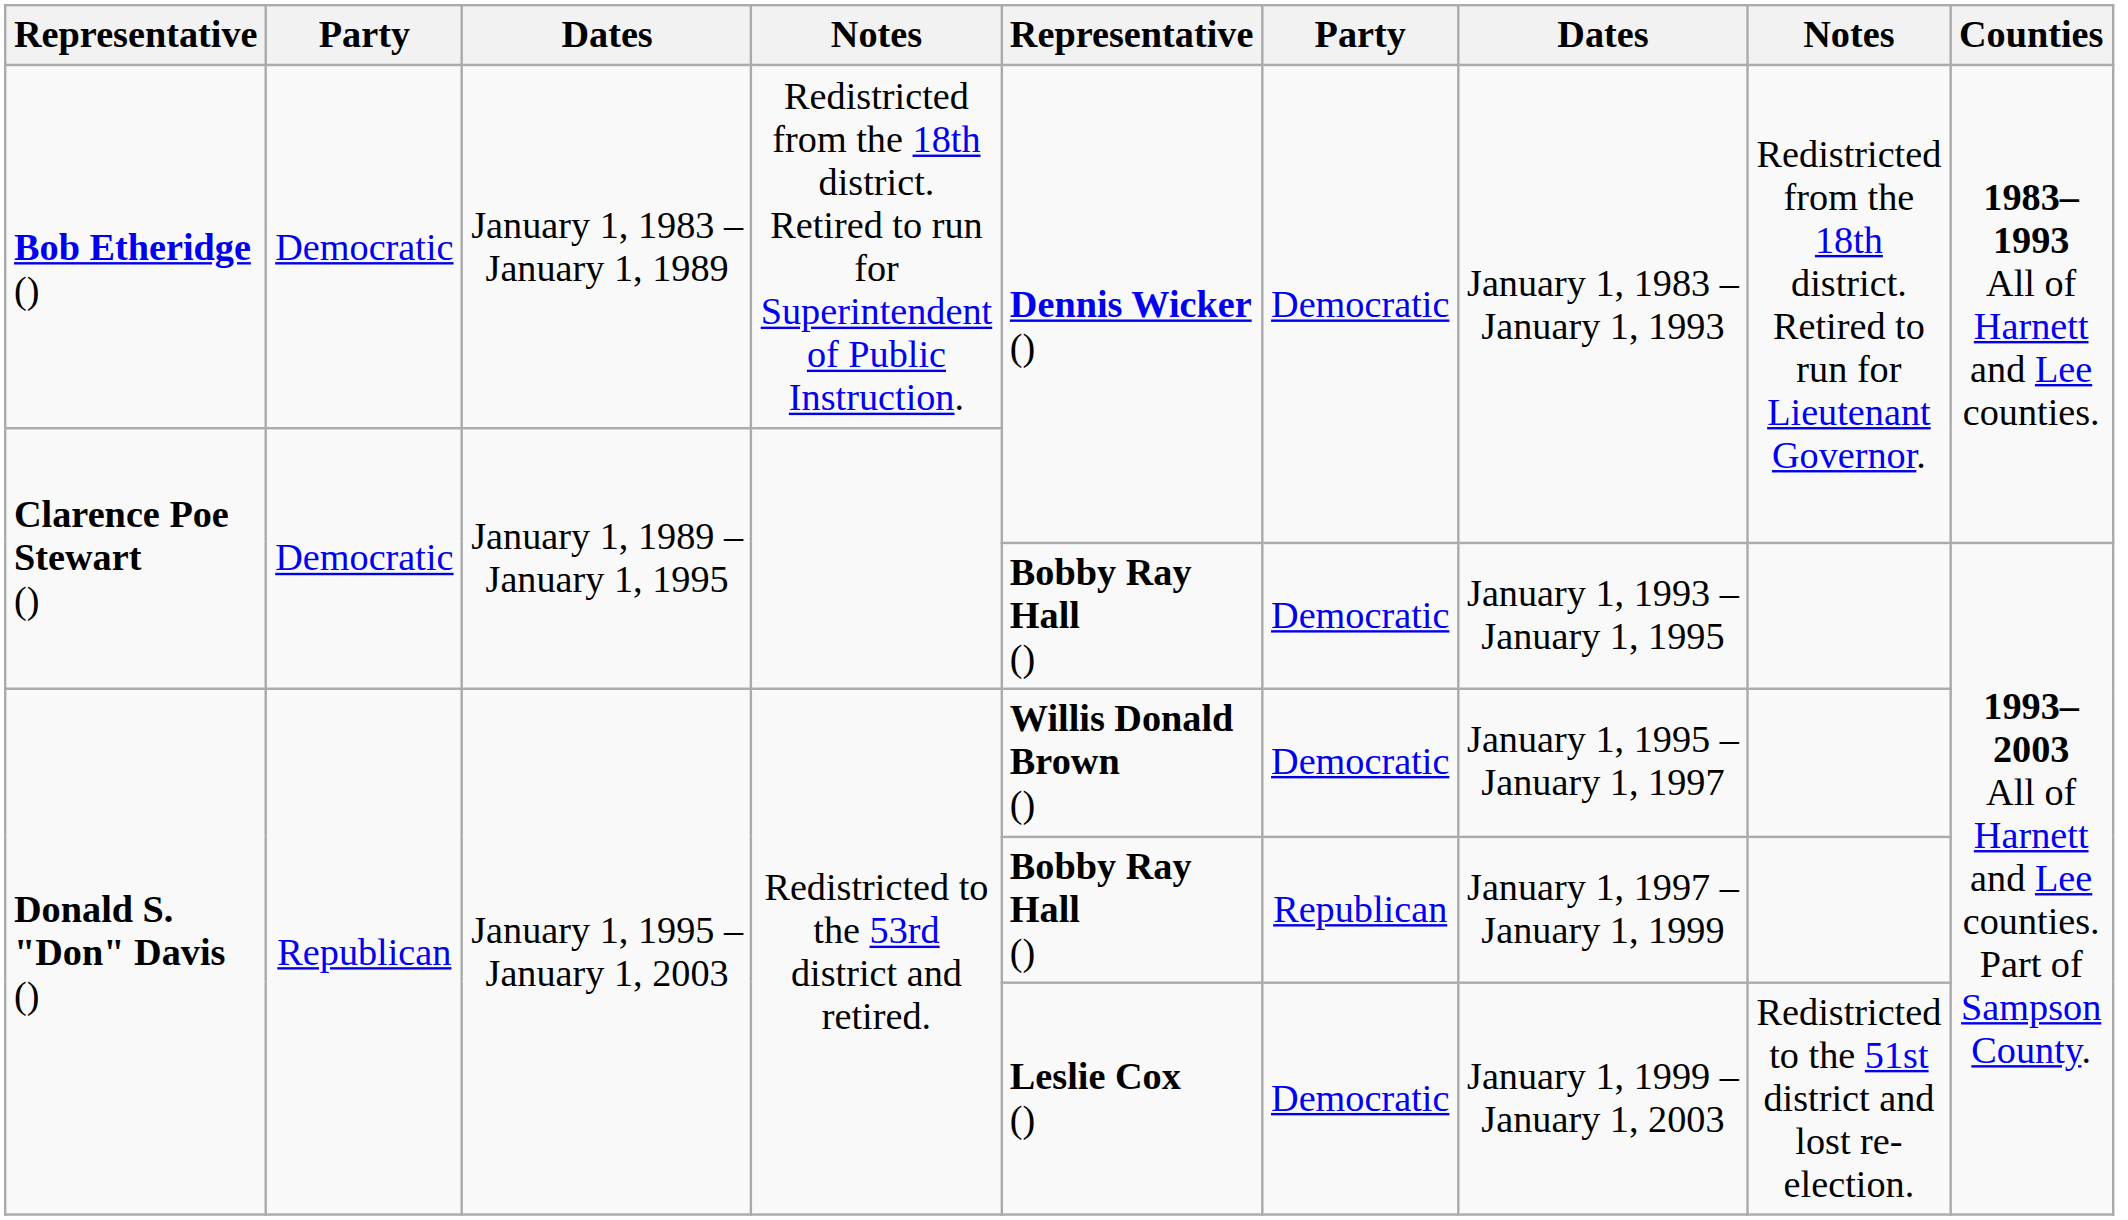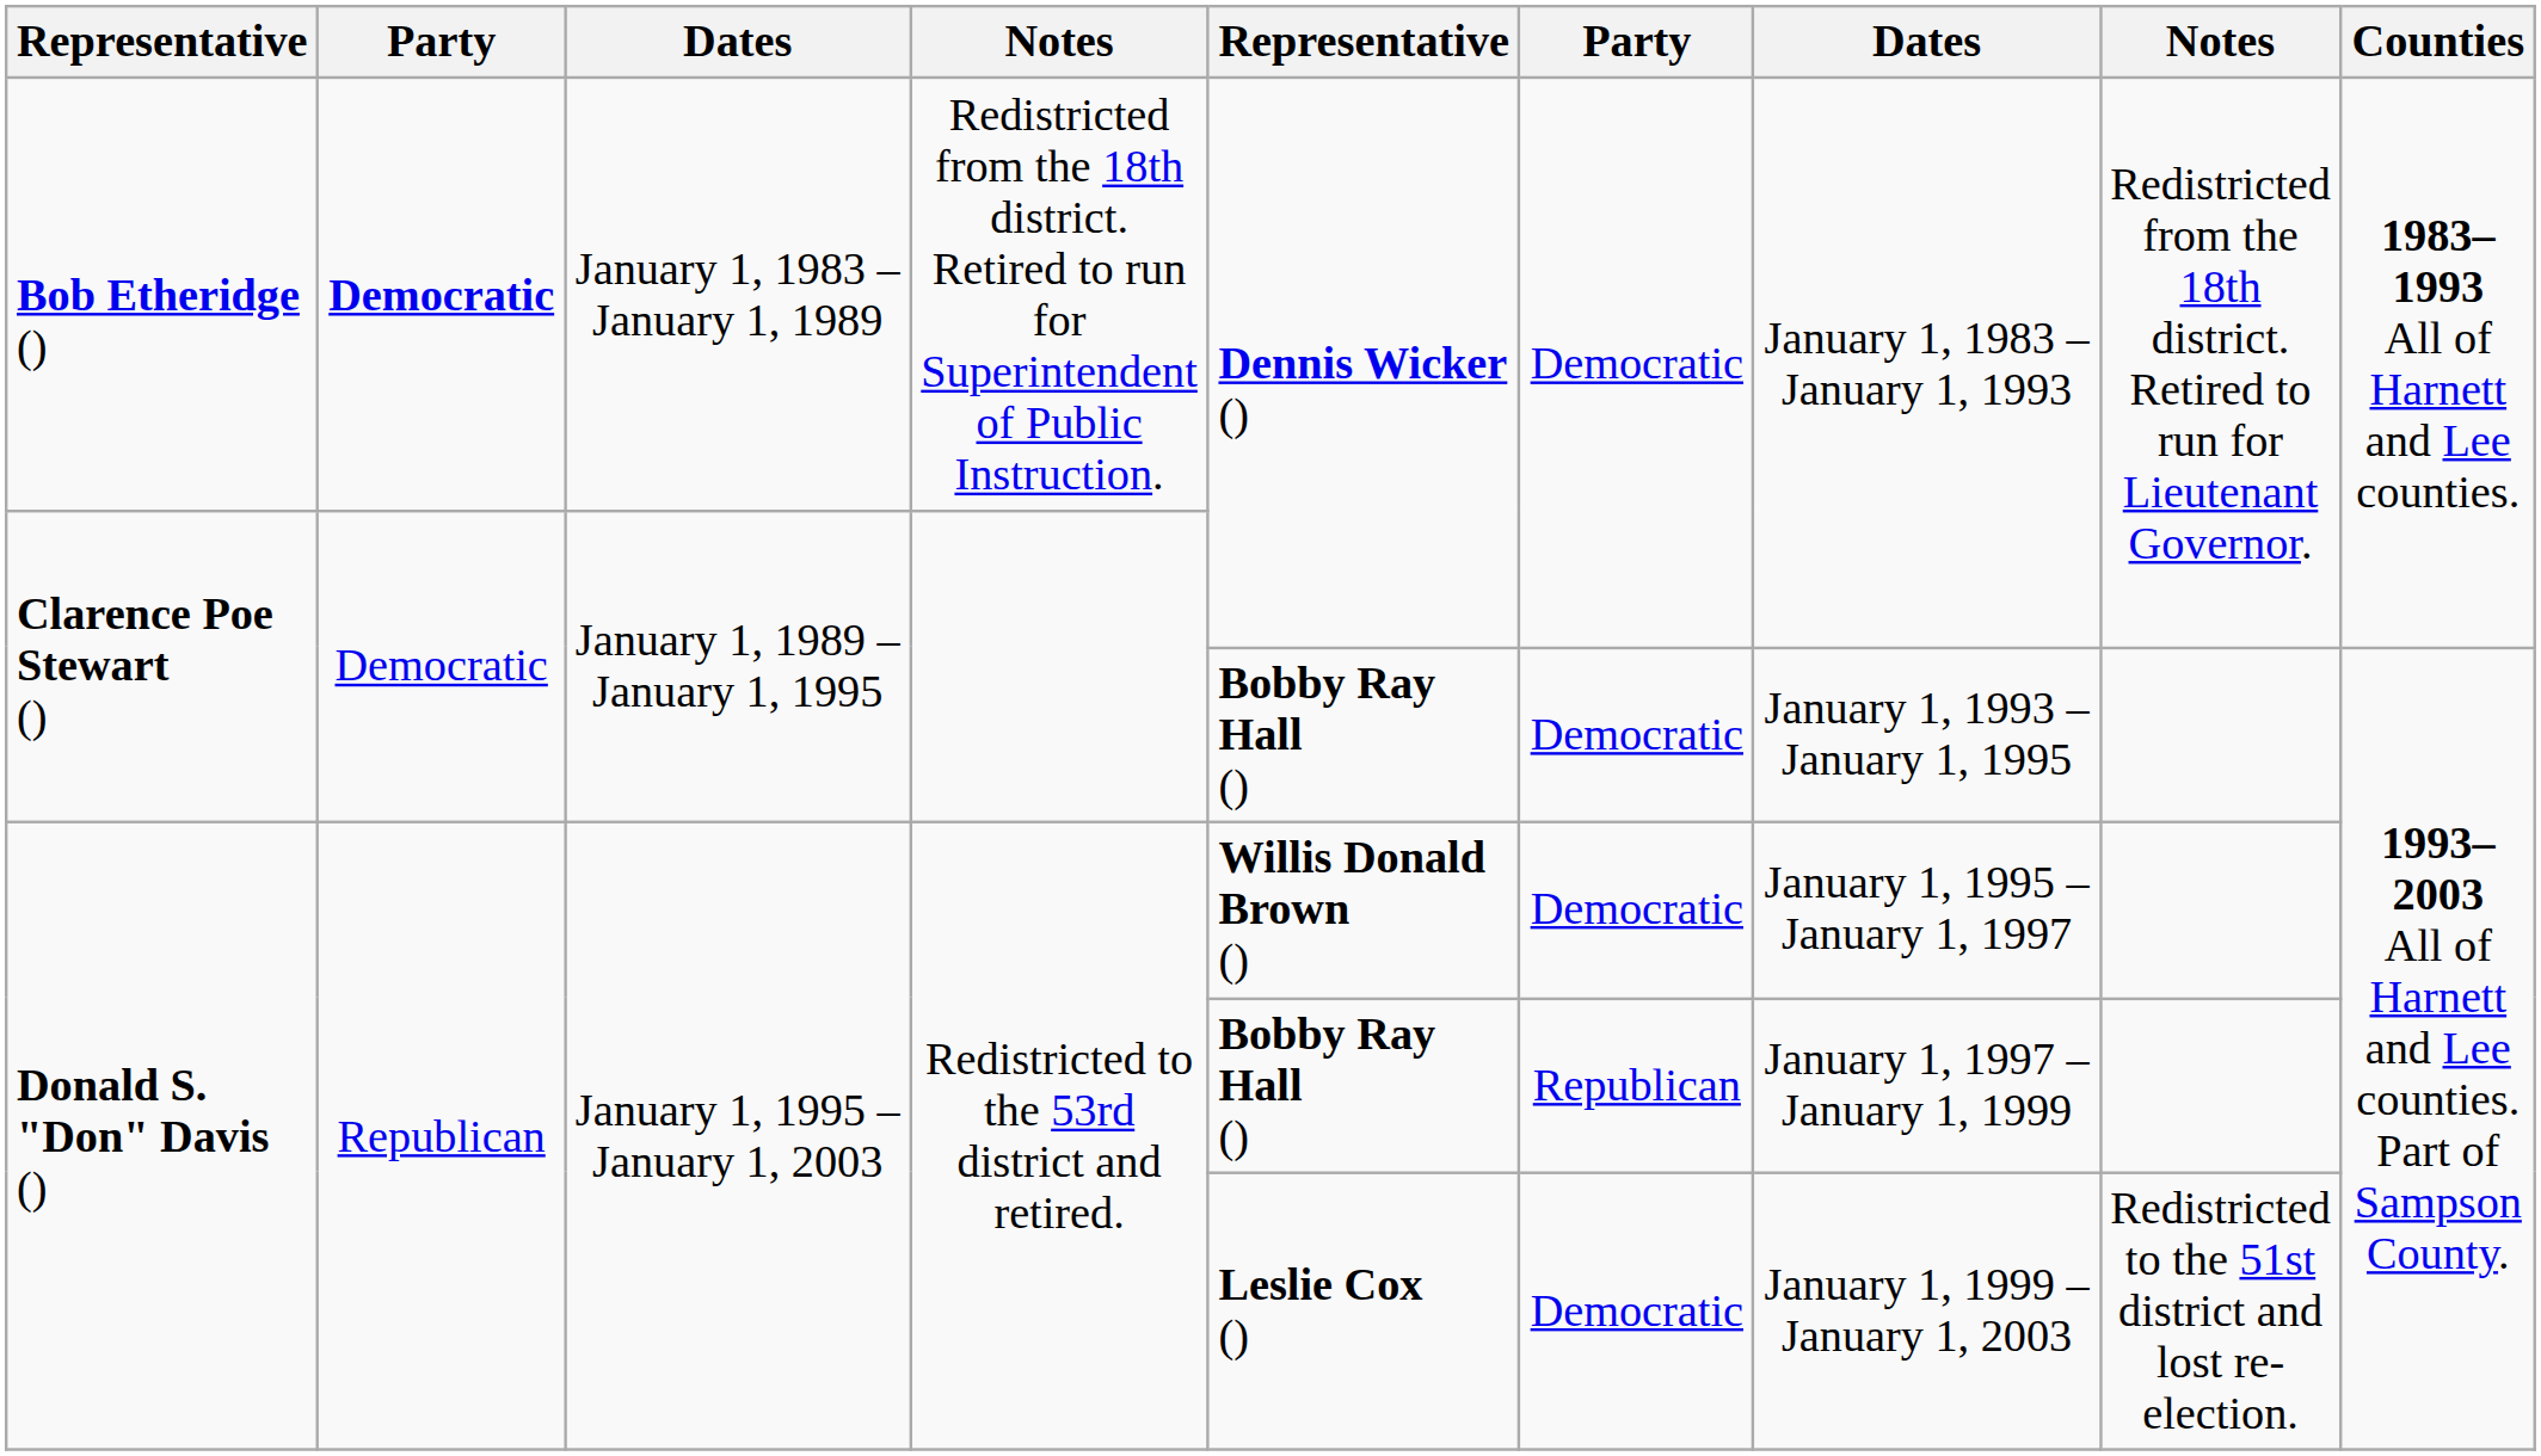 <table class=wikitable style="text-align:center">
 <tr>
 <th>Representative</th>
 <th>Party</th>
 <th>Dates</th>
 <th>Notes</th>
 <th>Representative</th>
 <th>Party</th>
 <th>Dates</th>
 <th>Notes</th>
 <th>Counties</th>
 </tr>
 <tr style="height:3em">
 <td align=left><br><strong><a href='#'>Bob Etheridge</a></strong><br>()</td>
-<td><a href='#'>Democratic</a></td>
+<td><strong><a href='#'>Democratic</a></strong></td>
 <td nowrap>January 1, 1983 – <br> January 1, 1989</td>
 <td>Redistricted from the <a href='#'>18th</a> district. <br> Retired to run for <a href='#'>Superintendent of Public Instruction</a>.</td>
 <td rowspan=2 align=left><br><strong><a href='#'>Dennis Wicker</a></strong><br>()</td>
 <td rowspan=2 ><a href='#'>Democratic</a></td>
 <td rowspan=2 nowrap>January 1, 1983 – <br> January 1, 1993</td>
 <td rowspan=2>Redistricted from the <a href='#'>18th</a> district. <br> Retired to run for <a href='#'>Lieutenant Governor</a>.</td>
 <td rowspan=2><strong>1983–1993</strong> <br> All of <a href='#'>Harnett</a> and <a href='#'>Lee</a> counties.</td>
 </tr>
 <tr style="height:3em">
 <td rowspan=2 align=left><strong>Clarence Poe Stewart</strong><br>()</td>
 <td rowspan=2 ><a href='#'>Democratic</a></td>
 <td rowspan=2 nowrap>January 1, 1989 – <br> January 1, 1995</td>
 <td rowspan=2></td>
 </tr>
 <tr style="height:3em">
 <td align=left><strong>Bobby Ray Hall</strong><br>()</td>
 <td><a href='#'>Democratic</a></td>
 <td nowrap>January 1, 1993 – <br> January 1, 1995</td>
 <td></td>
 <td rowspan=4><strong>1993–2003</strong><br> All of <a href='#'>Harnett</a> and <a href='#'>Lee</a> counties. <br> Part of <a href='#'>Sampson County</a>.</td>
 </tr>
 <tr style="height:3em">
 <td rowspan=3 align=left><strong>Donald S. "Don" Davis</strong><br>()</td>
 <td rowspan=3 ><a href='#'>Republican</a></td>
 <td rowspan=3 nowrap>January 1, 1995 – <br> January 1, 2003</td>
 <td rowspan=3>Redistricted to the <a href='#'>53rd</a> district and retired.</td>
 <td align=left><strong>Willis Donald Brown</strong><br>()</td>
 <td><a href='#'>Democratic</a></td>
 <td nowrap>January 1, 1995 – <br> January 1, 1997</td>
 <td></td>
 </tr>
 <tr style="height:3em">
 <td align=left><strong>Bobby Ray Hall</strong><br>()</td>
 <td><a href='#'>Republican</a></td>
 <td nowrap>January 1, 1997 – <br> January 1, 1999</td>
 <td></td>
 </tr>
 <tr style="height:3em">
 <td align=left><strong>Leslie Cox</strong><br>()</td>
 <td><a href='#'>Democratic</a></td>
 <td nowrap>January 1, 1999 – <br> January 1, 2003</td>
 <td>Redistricted to the <a href='#'>51st</a> district and lost re-election.</td>
 </tr>
 </table>
